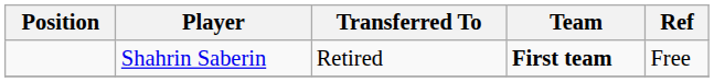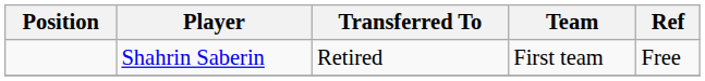 <table class="wikitable sortable" style="width:80%; text-align:center; font-size:100%; text-align:left;">
 <tr>
 <th><strong>Position</strong></th>
 <th><strong>Player</strong></th>
 <th><strong>Transferred To</strong></th>
 <th><strong>Team</strong></th>
 <th><strong>Ref</strong></th>
 </tr>
 <tr>
 <td></td>
 <td> <a href='#'>Shahrin Saberin</a></td>
 <td>Retired</td>
-<td><strong>First team</strong></td>
+<td>First team</td>
 <td>Free </td>
 </tr>
 <tr>
 </tr>
 </table>
